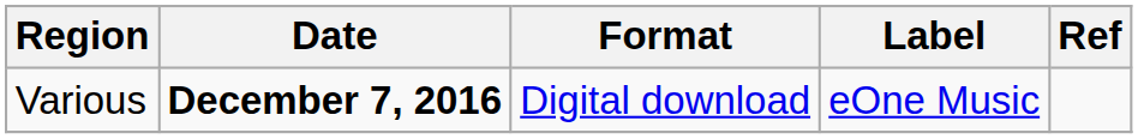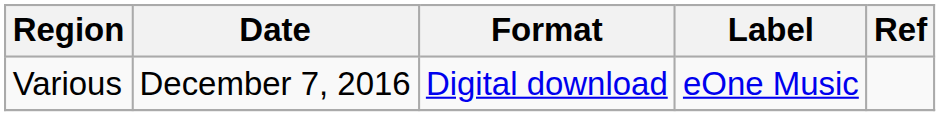 <table class="wikitable">
 <tr>
 <th>Region</th>
 <th>Date</th>
 <th>Format</th>
 <th>Label</th>
 <th>Ref</th>
 </tr>
 <tr>
 <td>Various</td>
-<td><strong>December 7, 2016</strong></td>
+<td>December 7, 2016</td>
 <td><a href='#'>Digital download</a></td>
 <td><a href='#'>eOne Music</a></td>
 <td></td>
 </tr>
 <tr>
 </tr>
 </table>
